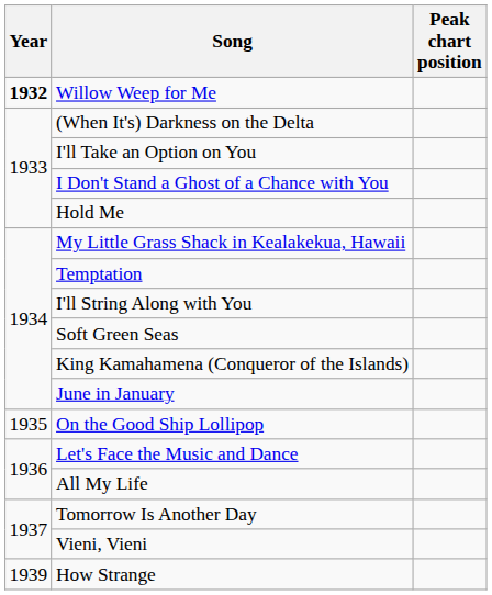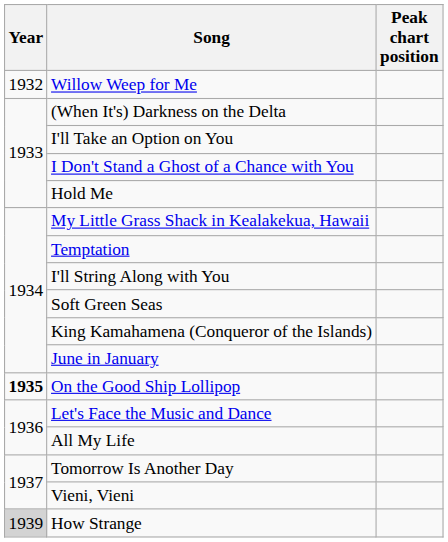 <table class="wikitable sortable">
 <tr>
 <th>Year</th>
 <th>Song</th>
 <th>Peak <br> chart <br> position</th>
 </tr>
 <tr>
-<td rowspan="1"><strong>1932</strong></td>
+<td rowspan="1">1932</td>
 <td><a href='#'>Willow Weep for Me</a></td>
 <td></td>
 </tr>
 <tr>
 <td rowspan="4">1933</td>
 <td>(When It's) Darkness on the Delta</td>
 <td></td>
 </tr>
 <tr>
 <td>I'll Take an Option on You</td>
 <td></td>
 </tr>
 <tr>
 <td><a href='#'>I Don't Stand a Ghost of a Chance with You</a></td>
 <td></td>
 </tr>
 <tr>
 <td>Hold Me</td>
 <td></td>
 </tr>
 <tr>
 <td rowspan="6">1934</td>
 <td><a href='#'>My Little Grass Shack in Kealakekua, Hawaii</a></td>
 <td></td>
 </tr>
 <tr>
 <td><a href='#'>Temptation</a></td>
 <td></td>
 </tr>
 <tr>
 <td>I'll String Along with You</td>
 <td></td>
 </tr>
 <tr>
 <td>Soft Green Seas</td>
 <td></td>
 </tr>
 <tr>
 <td>King Kamahamena (Conqueror of the Islands)</td>
 <td></td>
 </tr>
 <tr>
 <td><a href='#'>June in January</a></td>
 <td></td>
 </tr>
 <tr>
-<td rowspan="1">1935</td>
+<td rowspan="1"><strong>1935</strong></td>
 <td><a href='#'>On the Good Ship Lollipop</a></td>
 <td></td>
 </tr>
 <tr>
 <td rowspan="2">1936</td>
 <td><a href='#'>Let's Face the Music and Dance</a></td>
 <td></td>
 </tr>
 <tr>
 <td>All My Life</td>
 <td></td>
 </tr>
 <tr>
 <td rowspan="2">1937</td>
 <td>Tomorrow Is Another Day</td>
 <td></td>
 </tr>
 <tr>
 <td>Vieni, Vieni</td>
 <td></td>
 </tr>
 <tr>
-<td rowspan="">1939</td>
+<td rowspan="" style="background: lightgrey;">1939</td>
 <td>How Strange</td>
 <td></td>
 </tr>
 </table>
